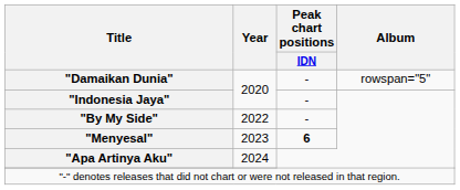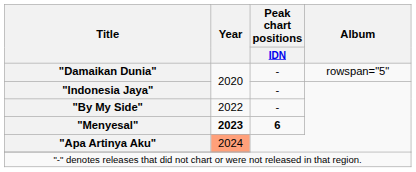 <table class="wikitable plainrowheaders" style="text-align:center">
 <tr>
 <th rowspan="2" scope="col" style="width:18em;">Title</th>
 <th rowspan="2" scope="col" style="width:3em;">Year</th>
 <th colspan="1" scope="col">Peak chart<br>positions</th>
 <th rowspan="2" scope="col" style="width:9em;">Album</th>
 </tr>
 <tr>
 <th scope="col" style="width:3em;font-size:90%"><a href='#'>IDN</a><br></th>
 </tr>
 <tr>
 <th scope="row">"Damaikan Dunia" <br></th>
 <td rowspan="2">2020</td>
 <td>-</td>
 <td>rowspan="5" </td>
 </tr>
 <tr>
 <th scope="row">"Indonesia Jaya" <br></th>
 <td>-</td>
 </tr>
 <tr>
 <th scope="row">"By My Side" <br></th>
 <td>2022</td>
 <td>-</td>
 </tr>
 <tr>
 <th scope="row">"Menyesal"<br></th>
-<td>2023</td>
+<td><strong>2023</strong></td>
 <td><strong>6</strong></td>
 </tr>
 <tr>
 <th scope="row">"Apa Artinya Aku"<br></th>
-<td>2024</td>
+<td style="background: lightsalmon;">2024</td>
 </tr>
 <tr>
 </tr>
 <tr>
 <td colspan="4" style="font-size:85%">"-" denotes releases that did not chart or were not released in that region.</td>
 </tr>
 </table>
